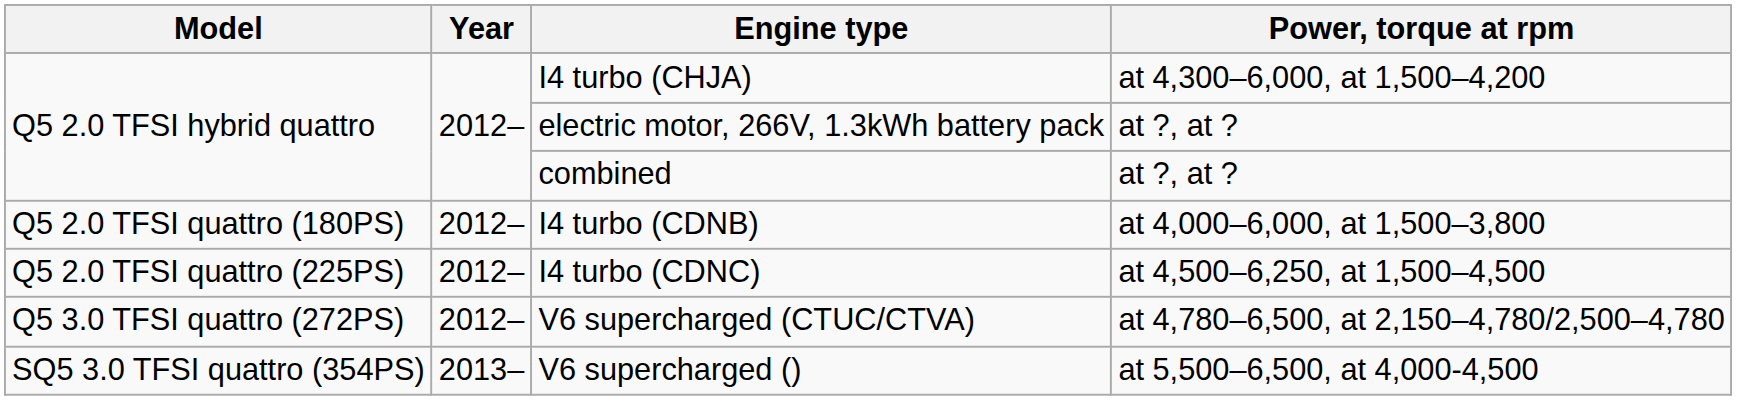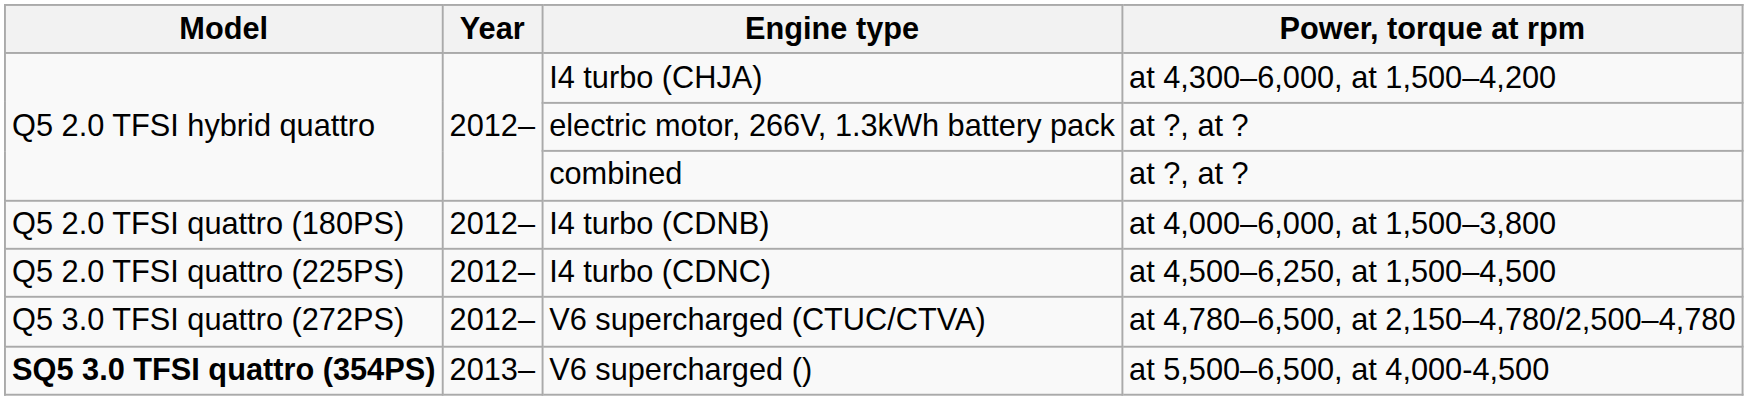 <table class="wikitable sortable collapsible">
 <tr>
 <th>Model</th>
 <th>Year</th>
 <th>Engine type</th>
 <th>Power, torque at rpm</th>
 </tr>
 <tr>
 <td rowspan=3>Q5 2.0 TFSI hybrid quattro</td>
 <td rowspan=3>2012–</td>
 <td> I4 turbo (CHJA)</td>
 <td> at 4,300–6,000,  at 1,500–4,200</td>
 </tr>
 <tr>
 <td>electric motor, 266V, 1.3kWh battery pack</td>
 <td> at ?,  at ?</td>
 </tr>
 <tr>
 <td>combined</td>
 <td> at ?,  at ?</td>
 </tr>
 <tr>
 <td>Q5 2.0 TFSI quattro (180PS)</td>
 <td>2012–</td>
 <td> I4 turbo (CDNB)</td>
 <td> at 4,000–6,000,  at 1,500–3,800</td>
 </tr>
 <tr>
 <td>Q5 2.0 TFSI quattro (225PS)</td>
 <td>2012–</td>
 <td> I4 turbo (CDNC)</td>
 <td> at 4,500–6,250,  at 1,500–4,500</td>
 </tr>
 <tr>
 <td>Q5 3.0 TFSI quattro (272PS)</td>
 <td>2012–</td>
 <td> V6 supercharged (CTUC/CTVA)</td>
 <td> at 4,780–6,500,  at 2,150–4,780/2,500–4,780</td>
 </tr>
 <tr>
-<td>SQ5 3.0 TFSI quattro (354PS)</td>
+<td><strong>SQ5 3.0 TFSI quattro (354PS)</strong></td>
 <td>2013–</td>
 <td> V6 supercharged ()</td>
 <td> at 5,500–6,500,  at 4,000-4,500</td>
 </tr>
 </table>
